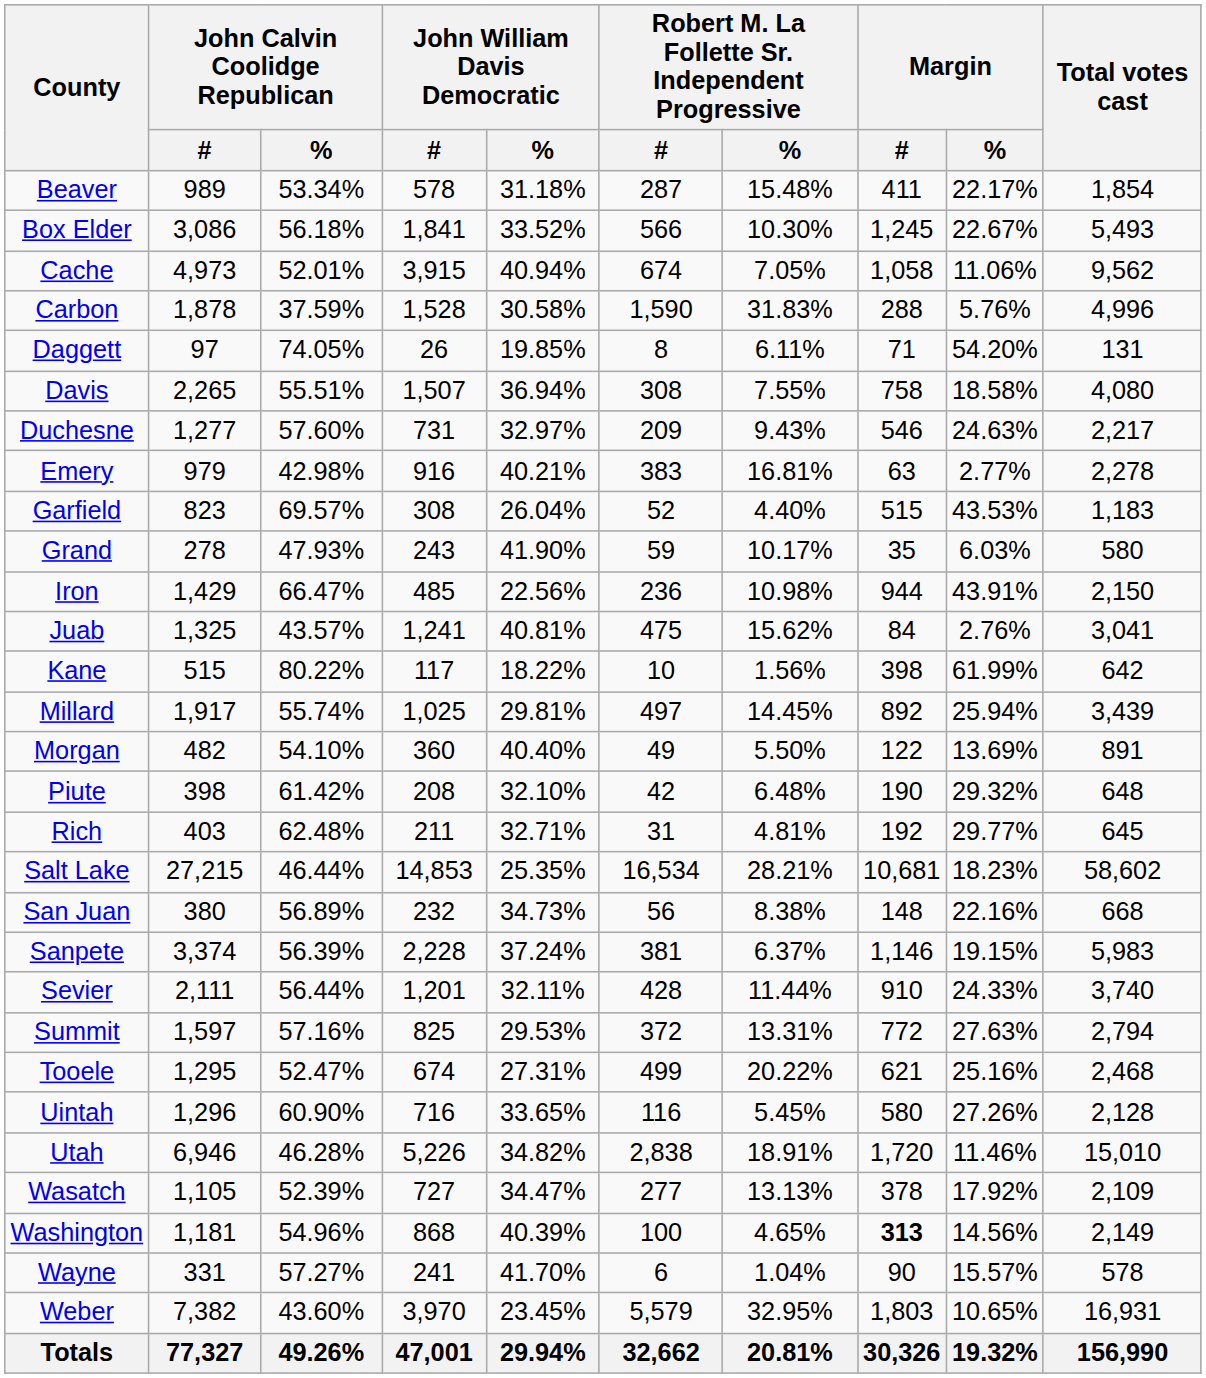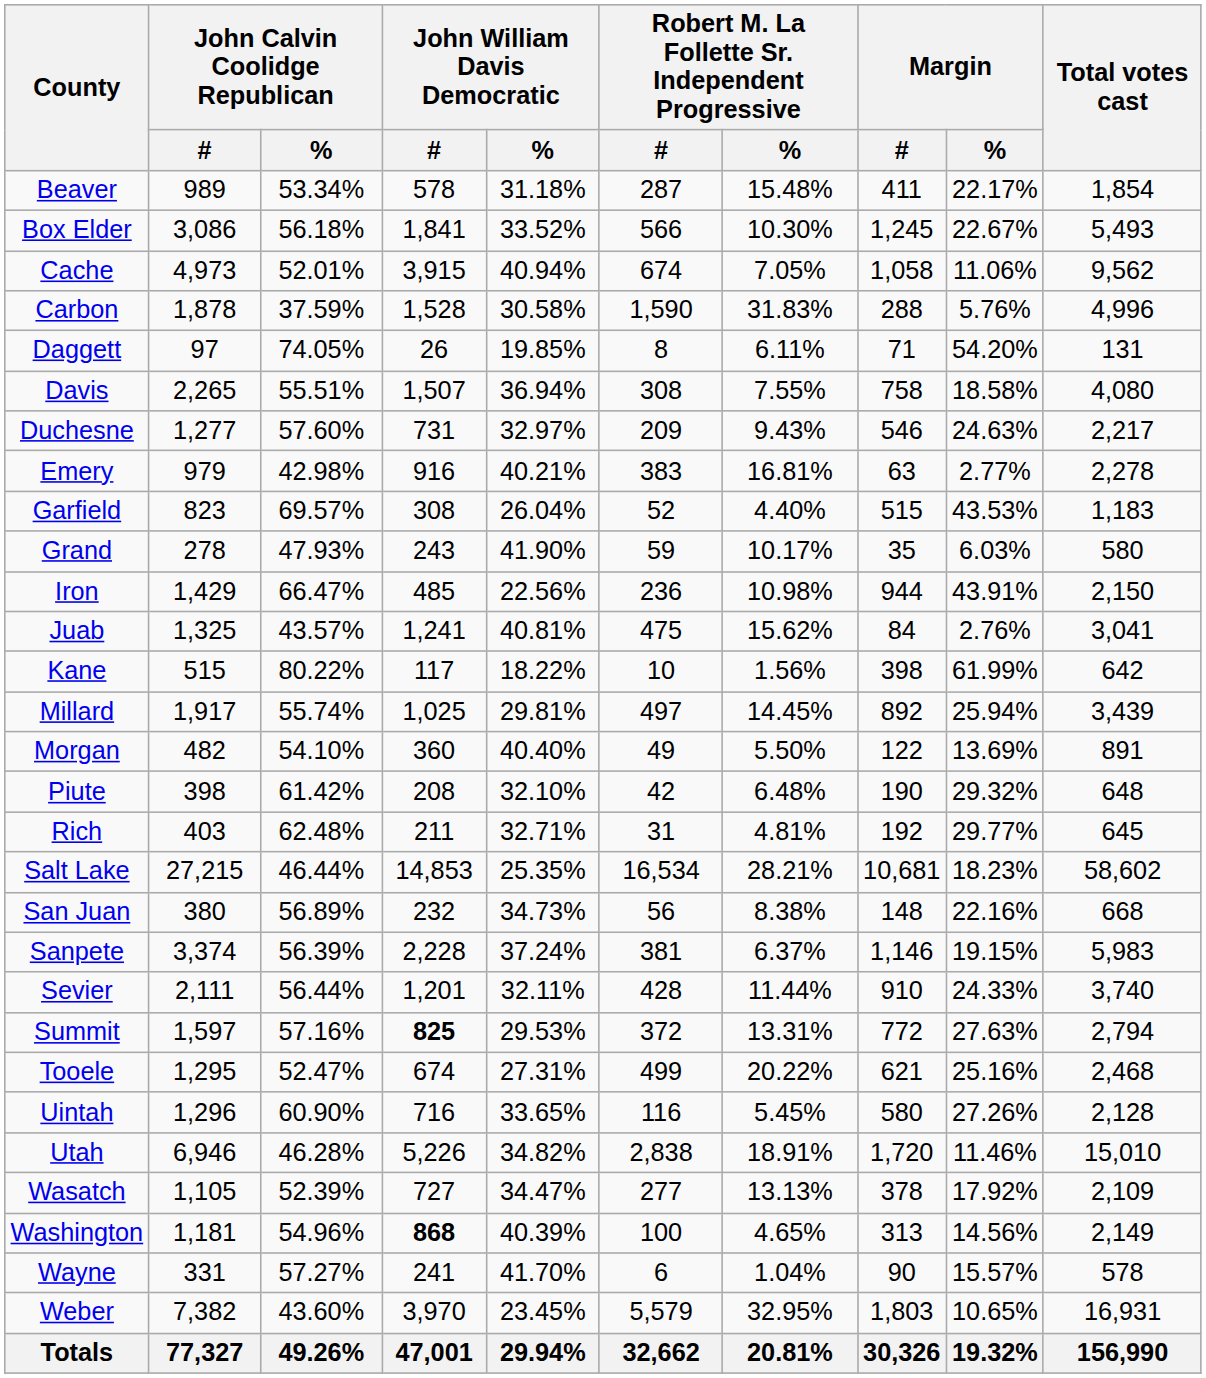 <table width="60%"  class="wikitable sortable" style="text-align:center">
 <tr>
 <th colspan="1" rowspan="2">County</th>
 <th style="text-align:center;" colspan="2">John Calvin Coolidge<br>Republican</th>
 <th style="text-align:center;" colspan="2">John William Davis<br> Democratic</th>
 <th style="text-align:center;" colspan="2">Robert M. La Follette Sr.<br>Independent Progressive</th>
 <th style="text-align:center;" colspan="2">Margin</th>
 <th colspan="1" rowspan="2" style="text-align:center;">Total votes cast</th>
 </tr>
 <tr>
 <th style="text-align:center;" data-sort-type="number">#</th>
 <th style="text-align:center;" data-sort-type="number">%</th>
 <th style="text-align:center;" data-sort-type="number">#</th>
 <th style="text-align:center;" data-sort-type="number">%</th>
 <th style="text-align:center;" data-sort-type="number">#</th>
 <th style="text-align:center;" data-sort-type="number">%</th>
 <th style="text-align:center;" data-sort-type="number">#</th>
 <th style="text-align:center;" data-sort-type="number">%</th>
 </tr>
 <tr style="text-align:center;">
 <td><a href='#'>Beaver</a></td>
 <td>989</td>
 <td>53.34%</td>
 <td>578</td>
 <td>31.18%</td>
 <td>287</td>
 <td>15.48%</td>
 <td>411</td>
 <td>22.17%</td>
 <td>1,854</td>
 </tr>
 <tr style="text-align:center;">
 <td><a href='#'>Box Elder</a></td>
 <td>3,086</td>
 <td>56.18%</td>
 <td>1,841</td>
 <td>33.52%</td>
 <td>566</td>
 <td>10.30%</td>
 <td>1,245</td>
 <td>22.67%</td>
 <td>5,493</td>
 </tr>
 <tr style="text-align:center;">
 <td><a href='#'>Cache</a></td>
 <td>4,973</td>
 <td>52.01%</td>
 <td>3,915</td>
 <td>40.94%</td>
 <td>674</td>
 <td>7.05%</td>
 <td>1,058</td>
 <td>11.06%</td>
 <td>9,562</td>
 </tr>
 <tr style="text-align:center;">
 <td><a href='#'>Carbon</a></td>
 <td>1,878</td>
 <td>37.59%</td>
 <td>1,528</td>
 <td>30.58%</td>
 <td>1,590</td>
 <td>31.83%</td>
 <td>288</td>
 <td>5.76%</td>
 <td>4,996</td>
 </tr>
 <tr style="text-align:center;">
 <td><a href='#'>Daggett</a></td>
 <td>97</td>
 <td>74.05%</td>
 <td>26</td>
 <td>19.85%</td>
 <td>8</td>
 <td>6.11%</td>
 <td>71</td>
 <td>54.20%</td>
 <td>131</td>
 </tr>
 <tr style="text-align:center;">
 <td><a href='#'>Davis</a></td>
 <td>2,265</td>
 <td>55.51%</td>
 <td>1,507</td>
 <td>36.94%</td>
 <td>308</td>
 <td>7.55%</td>
 <td>758</td>
 <td>18.58%</td>
 <td>4,080</td>
 </tr>
 <tr style="text-align:center;">
 <td><a href='#'>Duchesne</a></td>
 <td>1,277</td>
 <td>57.60%</td>
 <td>731</td>
 <td>32.97%</td>
 <td>209</td>
 <td>9.43%</td>
 <td>546</td>
 <td>24.63%</td>
 <td>2,217</td>
 </tr>
 <tr style="text-align:center;">
 <td><a href='#'>Emery</a></td>
 <td>979</td>
 <td>42.98%</td>
 <td>916</td>
 <td>40.21%</td>
 <td>383</td>
 <td>16.81%</td>
 <td>63</td>
 <td>2.77%</td>
 <td>2,278</td>
 </tr>
 <tr style="text-align:center;">
 <td><a href='#'>Garfield</a></td>
 <td>823</td>
 <td>69.57%</td>
 <td>308</td>
 <td>26.04%</td>
 <td>52</td>
 <td>4.40%</td>
 <td>515</td>
 <td>43.53%</td>
 <td>1,183</td>
 </tr>
 <tr style="text-align:center;">
 <td><a href='#'>Grand</a></td>
 <td>278</td>
 <td>47.93%</td>
 <td>243</td>
 <td>41.90%</td>
 <td>59</td>
 <td>10.17%</td>
 <td>35</td>
 <td>6.03%</td>
 <td>580</td>
 </tr>
 <tr style="text-align:center;">
 <td><a href='#'>Iron</a></td>
 <td>1,429</td>
 <td>66.47%</td>
 <td>485</td>
 <td>22.56%</td>
 <td>236</td>
 <td>10.98%</td>
 <td>944</td>
 <td>43.91%</td>
 <td>2,150</td>
 </tr>
 <tr style="text-align:center;">
 <td><a href='#'>Juab</a></td>
 <td>1,325</td>
 <td>43.57%</td>
 <td>1,241</td>
 <td>40.81%</td>
 <td>475</td>
 <td>15.62%</td>
 <td>84</td>
 <td>2.76%</td>
 <td>3,041</td>
 </tr>
 <tr style="text-align:center;">
 <td><a href='#'>Kane</a></td>
 <td>515</td>
 <td>80.22%</td>
 <td>117</td>
 <td>18.22%</td>
 <td>10</td>
 <td>1.56%</td>
 <td>398</td>
 <td>61.99%</td>
 <td>642</td>
 </tr>
 <tr style="text-align:center;">
 <td><a href='#'>Millard</a></td>
 <td>1,917</td>
 <td>55.74%</td>
 <td>1,025</td>
 <td>29.81%</td>
 <td>497</td>
 <td>14.45%</td>
 <td>892</td>
 <td>25.94%</td>
 <td>3,439</td>
 </tr>
 <tr style="text-align:center;">
 <td><a href='#'>Morgan</a></td>
 <td>482</td>
 <td>54.10%</td>
 <td>360</td>
 <td>40.40%</td>
 <td>49</td>
 <td>5.50%</td>
 <td>122</td>
 <td>13.69%</td>
 <td>891</td>
 </tr>
 <tr style="text-align:center;">
 <td><a href='#'>Piute</a></td>
 <td>398</td>
 <td>61.42%</td>
 <td>208</td>
 <td>32.10%</td>
 <td>42</td>
 <td>6.48%</td>
 <td>190</td>
 <td>29.32%</td>
 <td>648</td>
 </tr>
 <tr style="text-align:center;">
 <td><a href='#'>Rich</a></td>
 <td>403</td>
 <td>62.48%</td>
 <td>211</td>
 <td>32.71%</td>
 <td>31</td>
 <td>4.81%</td>
 <td>192</td>
 <td>29.77%</td>
 <td>645</td>
 </tr>
 <tr style="text-align:center;">
 <td><a href='#'>Salt Lake</a></td>
 <td>27,215</td>
 <td>46.44%</td>
 <td>14,853</td>
 <td>25.35%</td>
 <td>16,534</td>
 <td>28.21%</td>
 <td>10,681</td>
 <td>18.23%</td>
 <td>58,602</td>
 </tr>
 <tr style="text-align:center;">
 <td><a href='#'>San Juan</a></td>
 <td>380</td>
 <td>56.89%</td>
 <td>232</td>
 <td>34.73%</td>
 <td>56</td>
 <td>8.38%</td>
 <td>148</td>
 <td>22.16%</td>
 <td>668</td>
 </tr>
 <tr style="text-align:center;">
 <td><a href='#'>Sanpete</a></td>
 <td>3,374</td>
 <td>56.39%</td>
 <td>2,228</td>
 <td>37.24%</td>
 <td>381</td>
 <td>6.37%</td>
 <td>1,146</td>
 <td>19.15%</td>
 <td>5,983</td>
 </tr>
 <tr style="text-align:center;">
 <td><a href='#'>Sevier</a></td>
 <td>2,111</td>
 <td>56.44%</td>
 <td>1,201</td>
 <td>32.11%</td>
 <td>428</td>
 <td>11.44%</td>
 <td>910</td>
 <td>24.33%</td>
 <td>3,740</td>
 </tr>
 <tr style="text-align:center;">
 <td><a href='#'>Summit</a></td>
 <td>1,597</td>
 <td>57.16%</td>
-<td>825</td>
+<td><strong>825</strong></td>
 <td>29.53%</td>
 <td>372</td>
 <td>13.31%</td>
 <td>772</td>
 <td>27.63%</td>
 <td>2,794</td>
 </tr>
 <tr style="text-align:center;">
 <td><a href='#'>Tooele</a></td>
 <td>1,295</td>
 <td>52.47%</td>
 <td>674</td>
 <td>27.31%</td>
 <td>499</td>
 <td>20.22%</td>
 <td>621</td>
 <td>25.16%</td>
 <td>2,468</td>
 </tr>
 <tr style="text-align:center;">
 <td><a href='#'>Uintah</a></td>
 <td>1,296</td>
 <td>60.90%</td>
 <td>716</td>
 <td>33.65%</td>
 <td>116</td>
 <td>5.45%</td>
 <td>580</td>
 <td>27.26%</td>
 <td>2,128</td>
 </tr>
 <tr style="text-align:center;">
 <td><a href='#'>Utah</a></td>
 <td>6,946</td>
 <td>46.28%</td>
 <td>5,226</td>
 <td>34.82%</td>
 <td>2,838</td>
 <td>18.91%</td>
 <td>1,720</td>
 <td>11.46%</td>
 <td>15,010</td>
 </tr>
 <tr style="text-align:center;">
 <td><a href='#'>Wasatch</a></td>
 <td>1,105</td>
 <td>52.39%</td>
 <td>727</td>
 <td>34.47%</td>
 <td>277</td>
 <td>13.13%</td>
 <td>378</td>
 <td>17.92%</td>
 <td>2,109</td>
 </tr>
 <tr style="text-align:center;">
 <td><a href='#'>Washington</a></td>
 <td>1,181</td>
 <td>54.96%</td>
-<td>868</td>
+<td><strong>868</strong></td>
 <td>40.39%</td>
 <td>100</td>
 <td>4.65%</td>
-<td><strong>313</strong></td>
+<td>313</td>
 <td>14.56%</td>
 <td>2,149</td>
 </tr>
 <tr style="text-align:center;">
 <td><a href='#'>Wayne</a></td>
 <td>331</td>
 <td>57.27%</td>
 <td>241</td>
 <td>41.70%</td>
 <td>6</td>
 <td>1.04%</td>
 <td>90</td>
 <td>15.57%</td>
 <td>578</td>
 </tr>
 <tr style="text-align:center;">
 <td><a href='#'>Weber</a></td>
 <td>7,382</td>
 <td>43.60%</td>
 <td>3,970</td>
 <td>23.45%</td>
 <td>5,579</td>
 <td>32.95%</td>
 <td>1,803</td>
 <td>10.65%</td>
 <td>16,931</td>
 </tr>
 <tr style="text-align:center;">
 <th>Totals</th>
 <th>77,327</th>
 <th>49.26%</th>
 <th>47,001</th>
 <th>29.94%</th>
 <th>32,662</th>
 <th>20.81%</th>
 <th>30,326</th>
 <th>19.32%</th>
 <th>156,990</th>
 </tr>
 </table>
